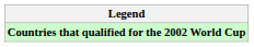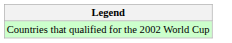 <table class="wikitable">
 <tr>
 <th>Legend</th>
 </tr>
 <tr bgcolor=#CCFFCC>
-<td><strong>Countries that qualified for the 2002 World Cup</strong></td>
+<td>Countries that qualified for the 2002 World Cup</td>
 </tr>
 </table>
